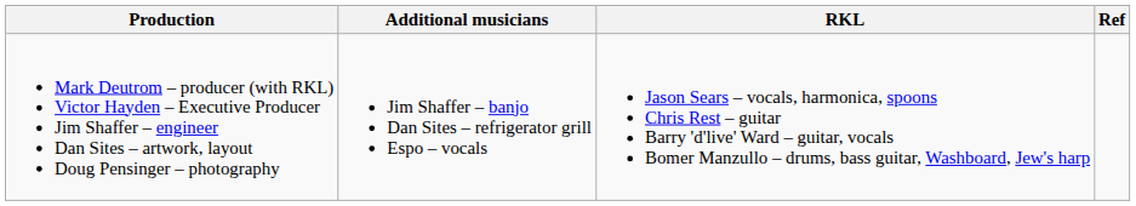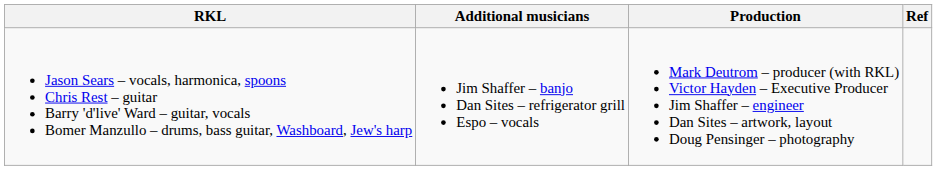 <table class="wikitable">
 <tr>
+<th style="text-align:center;">RKL</th>
+<th style="text-align:center;">Additional musicians</th>
 <th style="text-align:center;">Production</th>
-<th style="text-align:center;">Additional musicians</th>
-<th style="text-align:center;">RKL</th>
 <th align="bottom">Ref</th>
 </tr>
 <tr>
+<td><br><ul><li><a href='#'>Jason Sears</a> – vocals, harmonica, <a href='#'>spoons</a></li><li><a href='#'>Chris Rest</a> – guitar</li><li>Barry 'd'live' Ward – guitar, vocals</li><li>Bomer Manzullo – drums, bass guitar, <a href='#'>Washboard</a>, <a href='#'>Jew's harp</a></li></ul></td>
+<td><br><ul><li>Jim Shaffer – <a href='#'>banjo</a></li><li>Dan Sites – refrigerator grill</li><li>Espo – vocals</li></ul></td>
 <td><br> <ul><li><a href='#'>Mark Deutrom</a> – producer (with RKL)</li><li><a href='#'>Victor Hayden</a> – Executive Producer</li><li>Jim Shaffer – <a href='#'>engineer</a></li><li>Dan Sites – artwork, layout</li><li>Doug Pensinger – photography</li></ul></td>
-<td><br><ul><li>Jim Shaffer – <a href='#'>banjo</a></li><li>Dan Sites – refrigerator grill</li><li>Espo – vocals</li></ul></td>
-<td><br><ul><li><a href='#'>Jason Sears</a> – vocals, harmonica, <a href='#'>spoons</a></li><li><a href='#'>Chris Rest</a> – guitar</li><li>Barry 'd'live' Ward – guitar, vocals</li><li>Bomer Manzullo – drums, bass guitar, <a href='#'>Washboard</a>, <a href='#'>Jew's harp</a></li></ul></td>
 <td style="text-align:center;"></td>
 </tr>
 </table>
